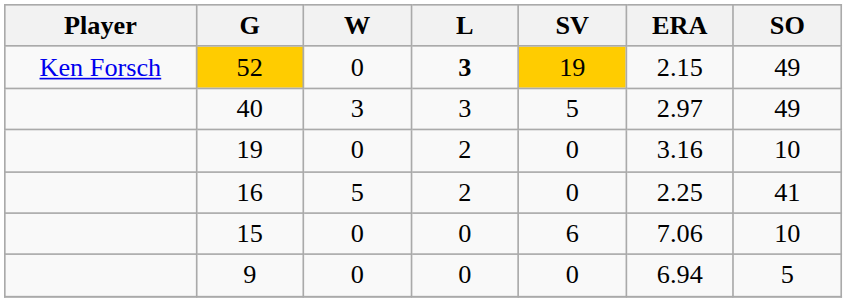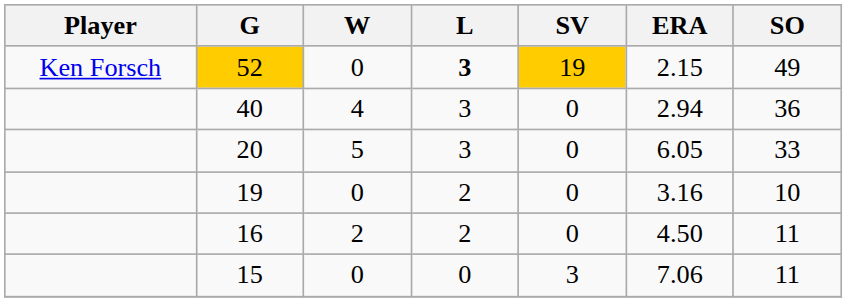 <table class="wikitable sortable">
 <tr>
 <th bgcolor="#DDDDFF" width="16%">Player</th>
 <th bgcolor="#DDDDFF" width="9%">G</th>
 <th bgcolor="#DDDDFF" width="9%">W</th>
 <th bgcolor="#DDDDFF" width="9%">L</th>
 <th bgcolor="#DDDDFF" width="9%">SV</th>
 <th bgcolor="#DDDDFF" width="9%">ERA</th>
 <th bgcolor="#DDDDFF" width="9%">SO</th>
 </tr>
 <tr align="center">
 <td><a href='#'>Ken Forsch</a></td>
 <td style="background:#fc0;">52</td>
 <td>0</td>
 <td><strong>3</strong></td>
 <td style="background:#fc0;">19</td>
 <td>2.15</td>
 <td>49</td>
 </tr>
 <tr align="center">
 <td></td>
 <td>40</td>
+<td>4</td>
 <td>3</td>
+<td>0</td>
+<td>2.94</td>
+<td>36</td>
+</tr>
+<tr align="center">
+<td></td>
+<td>20</td>
+<td>5</td>
 <td>3</td>
-<td>5</td>
-<td>2.97</td>
-<td>49</td>
+<td>0</td>
+<td>6.05</td>
+<td>33</td>
 </tr>
 <tr align="center">
 <td></td>
 <td>19</td>
 <td>0</td>
 <td>2</td>
 <td>0</td>
 <td>3.16</td>
 <td>10</td>
 </tr>
 <tr align="center">
 <td></td>
 <td>16</td>
-<td>5</td>
+<td>2</td>
 <td>2</td>
 <td>0</td>
-<td>2.25</td>
-<td>41</td>
+<td>4.50</td>
+<td>11</td>
 </tr>
 <tr align="center">
 <td></td>
 <td>15</td>
 <td>0</td>
 <td>0</td>
-<td>6</td>
+<td>3</td>
 <td>7.06</td>
-<td>10</td>
-</tr>
-<tr align="center">
-<td></td>
-<td>9</td>
-<td>0</td>
-<td>0</td>
-<td>0</td>
-<td>6.94</td>
-<td>5</td>
+<td>11</td>
 </tr>
 <tr align="center">
 </tr>
 </table>
